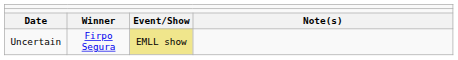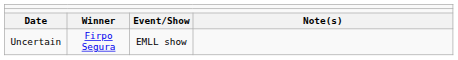 <table class="wikitable" style="text-align:center; width:100%;">
 <tr>
 <td colspan="5"></td>
 </tr>
 <tr>
 <td colspan="5"><strong></strong></td>
 </tr>
 <tr>
 <th width=14%>Date</th>
 <th width=14%>Winner</th>
 <th width=14%>Event/Show</th>
 <th width=58%>Note(s)</th>
 </tr>
 <tr>
 <td>Uncertain</td>
 <td><a href='#'>Firpo Segura</a></td>
-<td style="background: khaki;">EMLL show</td>
+<td>EMLL show</td>
 <td align=left></td>
 </tr>
 </table>
